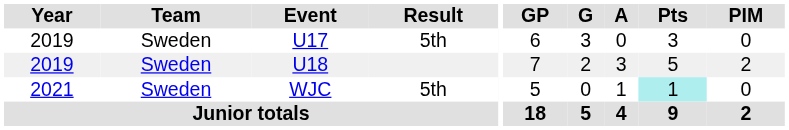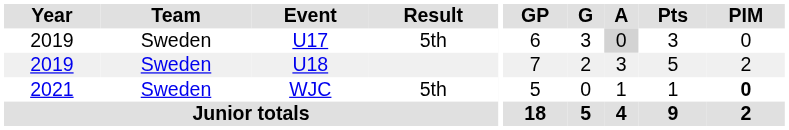 <table border="0" cellpadding="1" cellspacing="0" ID="Table3" style="text-align:center; width:40em">
 <tr ALIGN="center" bgcolor="#e0e0e0">
 <th>Year</th>
 <th>Team</th>
 <th>Event</th>
 <th>Result</th>
 <th rowspan="99" bgcolor="#ffffff"></th>
 <th>GP</th>
 <th>G</th>
 <th>A</th>
 <th>Pts</th>
 <th>PIM</th>
 </tr>
 <tr>
 <td>2019</td>
 <td>Sweden</td>
 <td><a href='#'>U17</a></td>
 <td>5th</td>
 <td>6</td>
 <td>3</td>
-<td>0</td>
+<td style="background: lightgrey;">0</td>
 <td>3</td>
 <td>0</td>
 </tr>
 <tr bgcolor="#f0f0f0">
 <td><a href='#'>2019</a></td>
 <td><a href='#'>Sweden</a></td>
 <td><a href='#'>U18</a></td>
 <td></td>
 <td>7</td>
 <td>2</td>
 <td>3</td>
 <td>5</td>
 <td>2</td>
 </tr>
 <tr>
 <td><a href='#'>2021</a></td>
 <td><a href='#'>Sweden</a></td>
 <td><a href='#'>WJC</a></td>
 <td>5th</td>
 <td>5</td>
 <td>0</td>
 <td>1</td>
-<td style="background: paleturquoise;">1</td>
-<td>0</td>
+<td>1</td>
+<td><strong>0</strong></td>
 </tr>
 <tr ALIGN="center" bgcolor="#e0e0e0">
 <th colspan=4>Junior totals</th>
 <th>18</th>
 <th>5</th>
 <th>4</th>
 <th>9</th>
 <th>2</th>
 </tr>
 </table>
